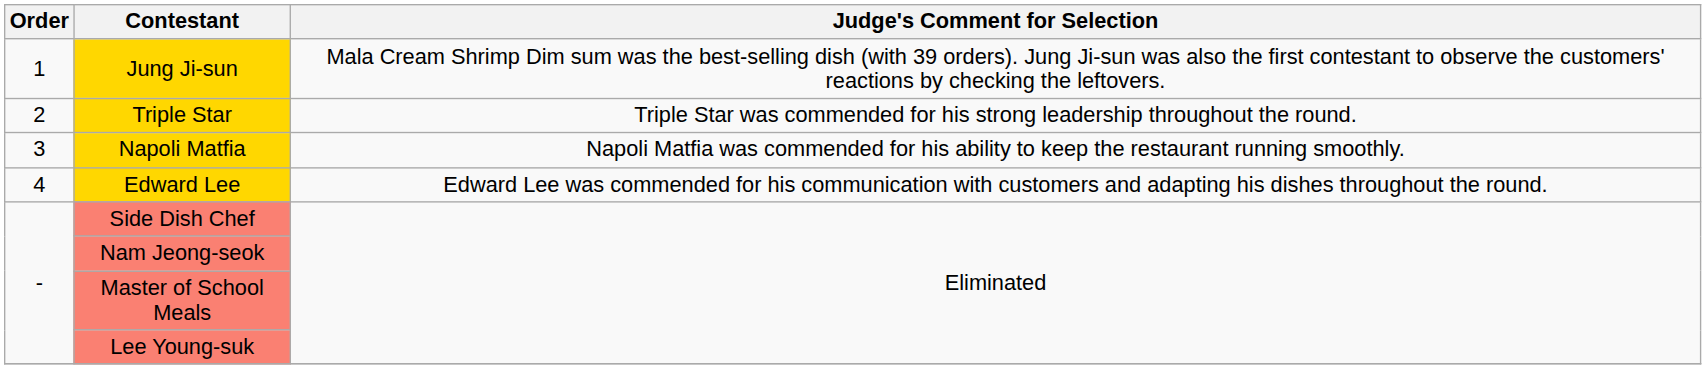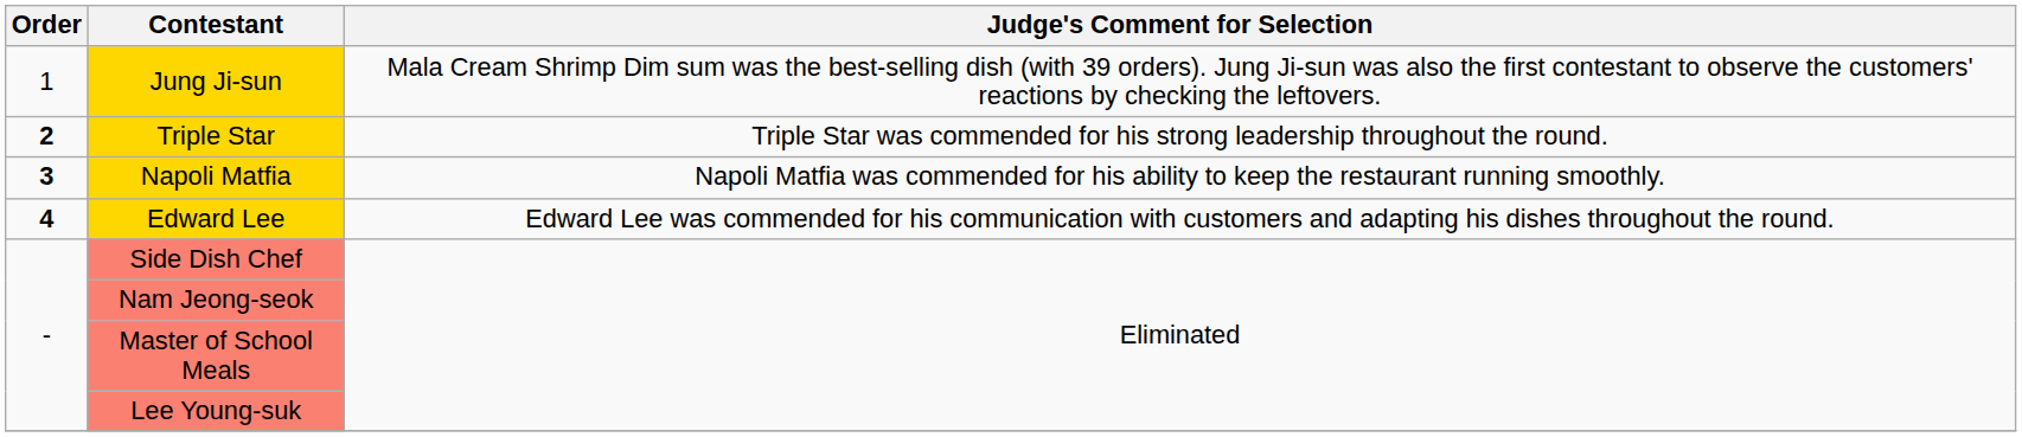 <table class="wikitable" style="text-align:center">
 <tr>
 <th>Order</th>
 <th>Contestant</th>
 <th>Judge's Comment for Selection</th>
 </tr>
 <tr>
 <td>1</td>
 <td style="background:gold">Jung Ji-sun</td>
 <td>Mala Cream Shrimp Dim sum was the best-selling dish (with 39 orders). Jung Ji-sun was also the first contestant to observe the customers' reactions by checking the leftovers.</td>
 </tr>
 <tr>
-<td>2</td>
+<td><strong>2</strong></td>
 <td style="background:gold">Triple Star</td>
 <td>Triple Star was commended for his strong leadership throughout the round.</td>
 </tr>
 <tr>
-<td>3</td>
+<td><strong>3</strong></td>
 <td style="background:gold">Napoli Matfia</td>
 <td>Napoli Matfia was commended for his ability to keep the restaurant running smoothly.</td>
 </tr>
 <tr>
-<td>4</td>
+<td><strong>4</strong></td>
 <td style="background:gold">Edward Lee</td>
 <td>Edward Lee was commended for his communication with customers and adapting his dishes throughout the round.</td>
 </tr>
 <tr>
 <td rowspan="4">-</td>
 <td style="background:salmon">Side Dish Chef</td>
 <td rowspan="4">Eliminated</td>
 </tr>
 <tr>
 <td style="background:salmon">Nam Jeong-seok</td>
 </tr>
 <tr>
 <td style="background:salmon">Master of School Meals</td>
 </tr>
 <tr>
 <td style="background:salmon">Lee Young-suk</td>
 </tr>
 <tr>
 </tr>
 </table>
